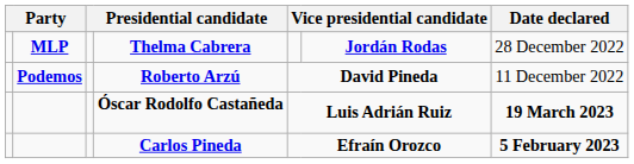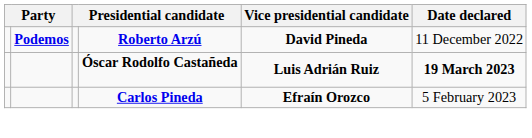 <table class="vertical-align-top wikitable">
 <tr>
 <th scope=colgroup colspan=2>Party</th>
 <th scope=colgroup colspan=2>Presidential candidate</th>
 <th scope=colgroup colspan=2>Vice presidential candidate</th>
 <th>Date declared</th>
-</tr>
-<tr>
-<td style=background:></td>
-<td style="text-align:center; line-height:1.3"><strong><a href='#'>MLP</a></strong></td>
-<td></td>
-<td style="text-align:center; line-height:1.0"><strong><a href='#'>Thelma Cabrera</a></strong></td>
-<td></td>
-<td style="text-align:center; line-height:1.0"><strong><a href='#'>Jordán Rodas</a></strong><br></td>
-<td style="text-align:center">28 December 2022</td>
 </tr>
 <tr>
 <td style=background:></td>
 <td style="text-align:center; line-height:1.3"><strong><a href='#'>Podemos</a></strong></td>
 <td></td>
 <td style="text-align:center; line-height:1.0"><strong><a href='#'>Roberto Arzú</a></strong></td>
 <td colspan=2; style="text-align:center; line-height:1.0"><strong>David Pineda</strong></td>
 <td style="text-align:center">11 December 2022</td>
 </tr>
 <tr>
 <td style=background:></td>
 <td style="text-align:center; line-height:1.3"></td>
 <td></td>
 <td style="text-align:center; line-height:1.0"><strong>Óscar Rodolfo Castañeda</strong><br><br></td>
 <td colspan=2; style="text-align:center; line-height:1.0"><strong>Luis Adrián Ruiz</strong><br></td>
 <td style="text-align:center; line-height:1.0"><strong>19 March 2023</strong></td>
 </tr>
 <tr>
 <td style=background:></td>
 <td style="text-align:center; line-height:1.3"><strong></strong></td>
 <td></td>
 <td style="text-align:center; line-height:1.0"><strong><a href='#'>Carlos Pineda</a></strong></td>
 <td colspan=2; style="text-align:center; line-height:1.0"><strong>Efraín Orozco</strong></td>
-<td style="text-align:center; line-height:1.0"><strong>5 February 2023</strong></td>
+<td style="text-align:center; line-height:1.0">5 February 2023</td>
 </tr>
 </table>
